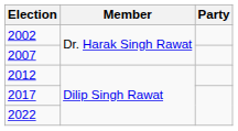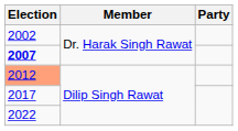 <table class="wikitable sortable">
 <tr>
 <th>Election</th>
 <th>Member</th>
 <th colspan=2>Party</th>
 </tr>
 <tr>
 <td><a href='#'>2002</a></td>
 <td rowspan=2>Dr. <a href='#'>Harak Singh Rawat</a></td>
 <td></td>
 </tr>
 <tr>
-<td><a href='#'>2007</a></td>
+<td><strong><a href='#'>2007</a></strong></td>
 </tr>
 <tr>
-<td><a href='#'>2012</a></td>
+<td style="background: lightsalmon;"><a href='#'>2012</a></td>
 <td rowspan=3><a href='#'>Dilip Singh Rawat</a></td>
 <td></td>
 </tr>
 <tr>
 <td><a href='#'>2017</a></td>
 </tr>
 <tr>
 <td><a href='#'>2022</a></td>
 </tr>
 </table>
